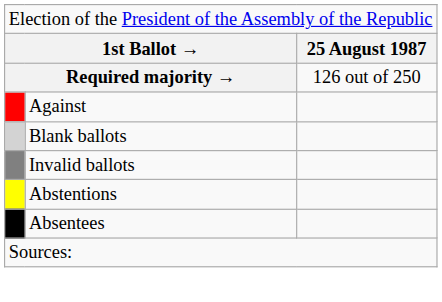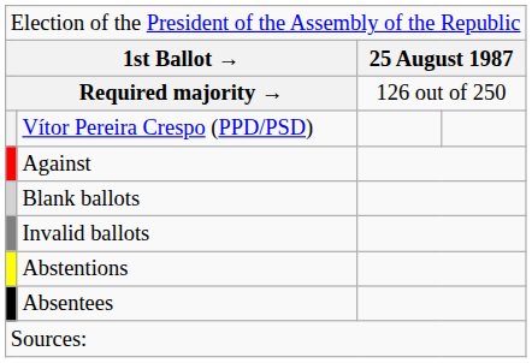 <table class="wikitable" style="text-align:center;">
 <tr>
 <td colspan="4" align="center">Election of the <a href='#'>President of the Assembly of the Republic</a></td>
 </tr>
 <tr>
 <th colspan="2" width="225px">1st Ballot →</th>
 <th colspan="2">25 August 1987</th>
 </tr>
 <tr>
 <th colspan="2">Required majority →</th>
 <td colspan="2">126 out of 250</td>
+</tr>
+<tr>
+<th width="1px" style="background:"></th>
+<td align="left"><a href='#'>Vítor Pereira Crespo</a> (<a href='#'>PPD/PSD</a>)</td>
+<td></td>
+<td></td>
 </tr>
 <tr>
 <th style="background:red;"></th>
 <td align="left">Against</td>
 <td colspan="2"></td>
 </tr>
 <tr>
 <th style="background:lightgray;"></th>
 <td align="left">Blank ballots</td>
 <td colspan="2"></td>
 </tr>
 <tr>
 <th style="background:gray;"></th>
 <td align="left">Invalid ballots</td>
 <td colspan="2"></td>
 </tr>
 <tr>
 <th style="background:yellow;"></th>
 <td align="left">Abstentions</td>
 <td colspan="2"></td>
 </tr>
 <tr>
 <th style="background:black;"></th>
 <td align="left">Absentees</td>
 <td colspan="2"></td>
 </tr>
 <tr>
 <td align="left" colspan="4">Sources:</td>
 </tr>
 </table>
